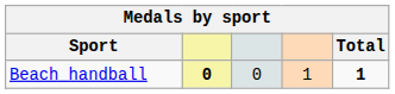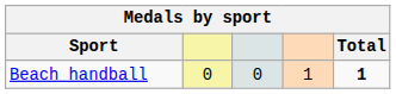 <table class="wikitable" style="font-size:90%; text-align:center;">
 <tr>
 <th colspan="5">Medals by sport</th>
 </tr>
 <tr>
 <th width="120">Sport</th>
 <th scope="col" width="30" style="background:#F7F6A8;"></th>
 <th scope="col" width="30" style="background:#DCE5E5;"></th>
 <th scope="col" width="30" style="background:#FFDAB9;"></th>
 <th width="30">Total</th>
 </tr>
 <tr>
 <td align="left"><a href='#'>Beach handball</a></td>
-<td style="background:#F7F6A8;"><strong>0</strong></td>
+<td style="background:#F7F6A8;">0</td>
 <td style="background:#DCE5E5;">0</td>
 <td style="background:#FFDAB9;">1</td>
 <td><strong>1</strong></td>
 </tr>
 </table>
